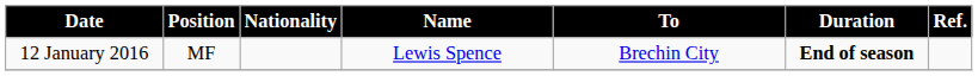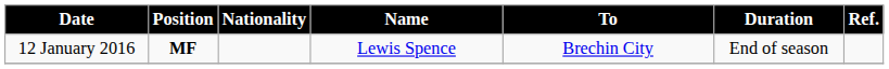 <table class="wikitable"  style="text-align:center; font-size:90%; ">
 <tr>
 <th style="background:#000000; color:#FFFFFF; width:110px;">Date</th>
 <th style="background:#000000; color:#FFFFFF; width:50px;">Position</th>
 <th style="background:#000000; color:#FFFFFF; width:50px;">Nationality</th>
 <th style="background:#000000; color:#FFFFFF; width:150px;">Name</th>
 <th style="background:#000000; color:#FFFFFF; width:165px;">To</th>
 <th style="background:#000000; color:#FFFFFF; width:100px;">Duration</th>
 <th style="background:#000000; color:#FFFFFF; width:25px;">Ref.</th>
 </tr>
 <tr>
 <td>12 January 2016</td>
-<td>MF</td>
+<td><strong>MF</strong></td>
 <td></td>
 <td><a href='#'>Lewis Spence</a></td>
 <td><a href='#'>Brechin City</a></td>
-<td><strong>End of season</strong></td>
+<td>End of season</td>
 <td></td>
 </tr>
 <tr>
 </tr>
 </table>
